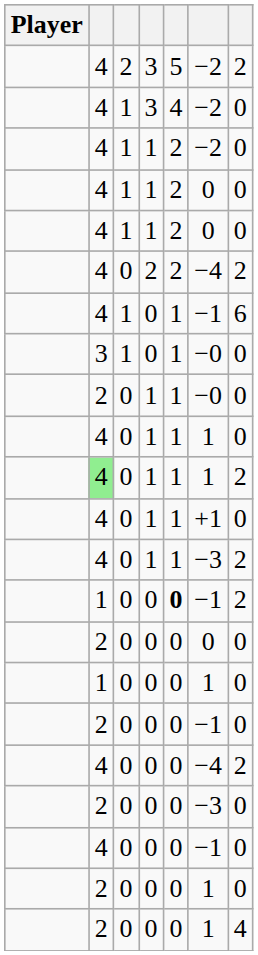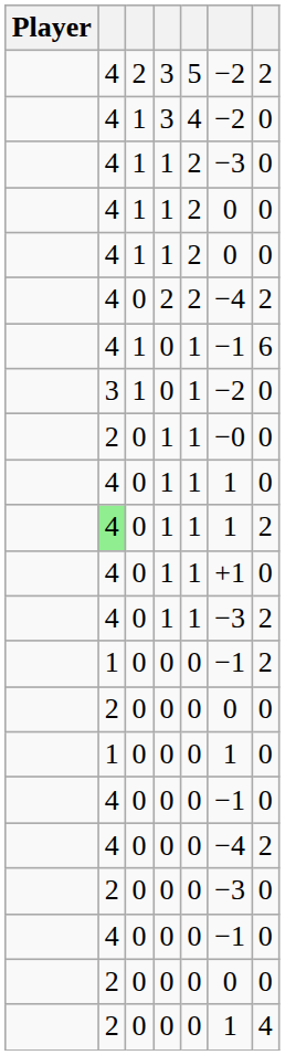 <table class="wikitable sortable" style="text-align:center;">
 <tr>
 <th>Player</th>
 <th></th>
 <th></th>
 <th></th>
 <th></th>
 <th data-sort-type="number"></th>
 <th></th>
 </tr>
 <tr>
 <td></td>
 <td>4</td>
 <td>2</td>
 <td>3</td>
 <td>5</td>
 <td>−2</td>
 <td>2</td>
 </tr>
 <tr>
 <td></td>
 <td>4</td>
 <td>1</td>
 <td>3</td>
 <td>4</td>
 <td>−2</td>
 <td>0</td>
 </tr>
 <tr>
 <td></td>
 <td>4</td>
 <td>1</td>
 <td>1</td>
 <td>2</td>
-<td>−2</td>
+<td>−3</td>
 <td>0</td>
 </tr>
 <tr>
 <td></td>
 <td>4</td>
 <td>1</td>
 <td>1</td>
 <td>2</td>
 <td>0</td>
 <td>0</td>
 </tr>
 <tr>
 <td></td>
 <td>4</td>
 <td>1</td>
 <td>1</td>
 <td>2</td>
 <td>0</td>
 <td>0</td>
 </tr>
 <tr>
 <td></td>
 <td>4</td>
 <td>0</td>
 <td>2</td>
 <td>2</td>
 <td>−4</td>
 <td>2</td>
 </tr>
 <tr>
 <td></td>
 <td>4</td>
 <td>1</td>
 <td>0</td>
 <td>1</td>
 <td>−1</td>
 <td>6</td>
 </tr>
 <tr>
 <td></td>
 <td>3</td>
 <td>1</td>
 <td>0</td>
 <td>1</td>
-<td>−0</td>
+<td>−2</td>
 <td>0</td>
 </tr>
 <tr>
 <td></td>
 <td>2</td>
 <td>0</td>
 <td>1</td>
 <td>1</td>
 <td>−0</td>
 <td>0</td>
 </tr>
 <tr>
 <td></td>
 <td>4</td>
 <td>0</td>
 <td>1</td>
 <td>1</td>
 <td>1</td>
 <td>0</td>
 </tr>
 <tr>
 <td></td>
 <td style="background: lightgreen;">4</td>
 <td>0</td>
 <td>1</td>
 <td>1</td>
 <td>1</td>
 <td>2</td>
 </tr>
 <tr>
 <td></td>
 <td>4</td>
 <td>0</td>
 <td>1</td>
 <td>1</td>
 <td>+1</td>
 <td>0</td>
 </tr>
 <tr>
 <td></td>
 <td>4</td>
 <td>0</td>
 <td>1</td>
 <td>1</td>
 <td>−3</td>
 <td>2</td>
 </tr>
 <tr>
 <td></td>
 <td>1</td>
 <td>0</td>
 <td>0</td>
-<td><strong>0</strong></td>
+<td>0</td>
 <td>−1</td>
 <td>2</td>
 </tr>
 <tr>
 <td></td>
 <td>2</td>
 <td>0</td>
 <td>0</td>
 <td>0</td>
 <td>0</td>
 <td>0</td>
 </tr>
 <tr>
 <td></td>
 <td>1</td>
 <td>0</td>
 <td>0</td>
 <td>0</td>
 <td>1</td>
 <td>0</td>
 </tr>
 <tr>
 <td></td>
-<td>2</td>
+<td>4</td>
 <td>0</td>
 <td>0</td>
 <td>0</td>
 <td>−1</td>
 <td>0</td>
 </tr>
 <tr>
 <td></td>
 <td>4</td>
 <td>0</td>
 <td>0</td>
 <td>0</td>
 <td>−4</td>
 <td>2</td>
 </tr>
 <tr>
 <td></td>
 <td>2</td>
 <td>0</td>
 <td>0</td>
 <td>0</td>
 <td>−3</td>
 <td>0</td>
 </tr>
 <tr>
 <td></td>
 <td>4</td>
 <td>0</td>
 <td>0</td>
 <td>0</td>
 <td>−1</td>
 <td>0</td>
 </tr>
 <tr>
 <td></td>
 <td>2</td>
 <td>0</td>
 <td>0</td>
 <td>0</td>
-<td>1</td>
+<td>0</td>
 <td>0</td>
 </tr>
 <tr>
 <td></td>
 <td>2</td>
 <td>0</td>
 <td>0</td>
 <td>0</td>
 <td>1</td>
 <td>4</td>
 </tr>
 </table>
